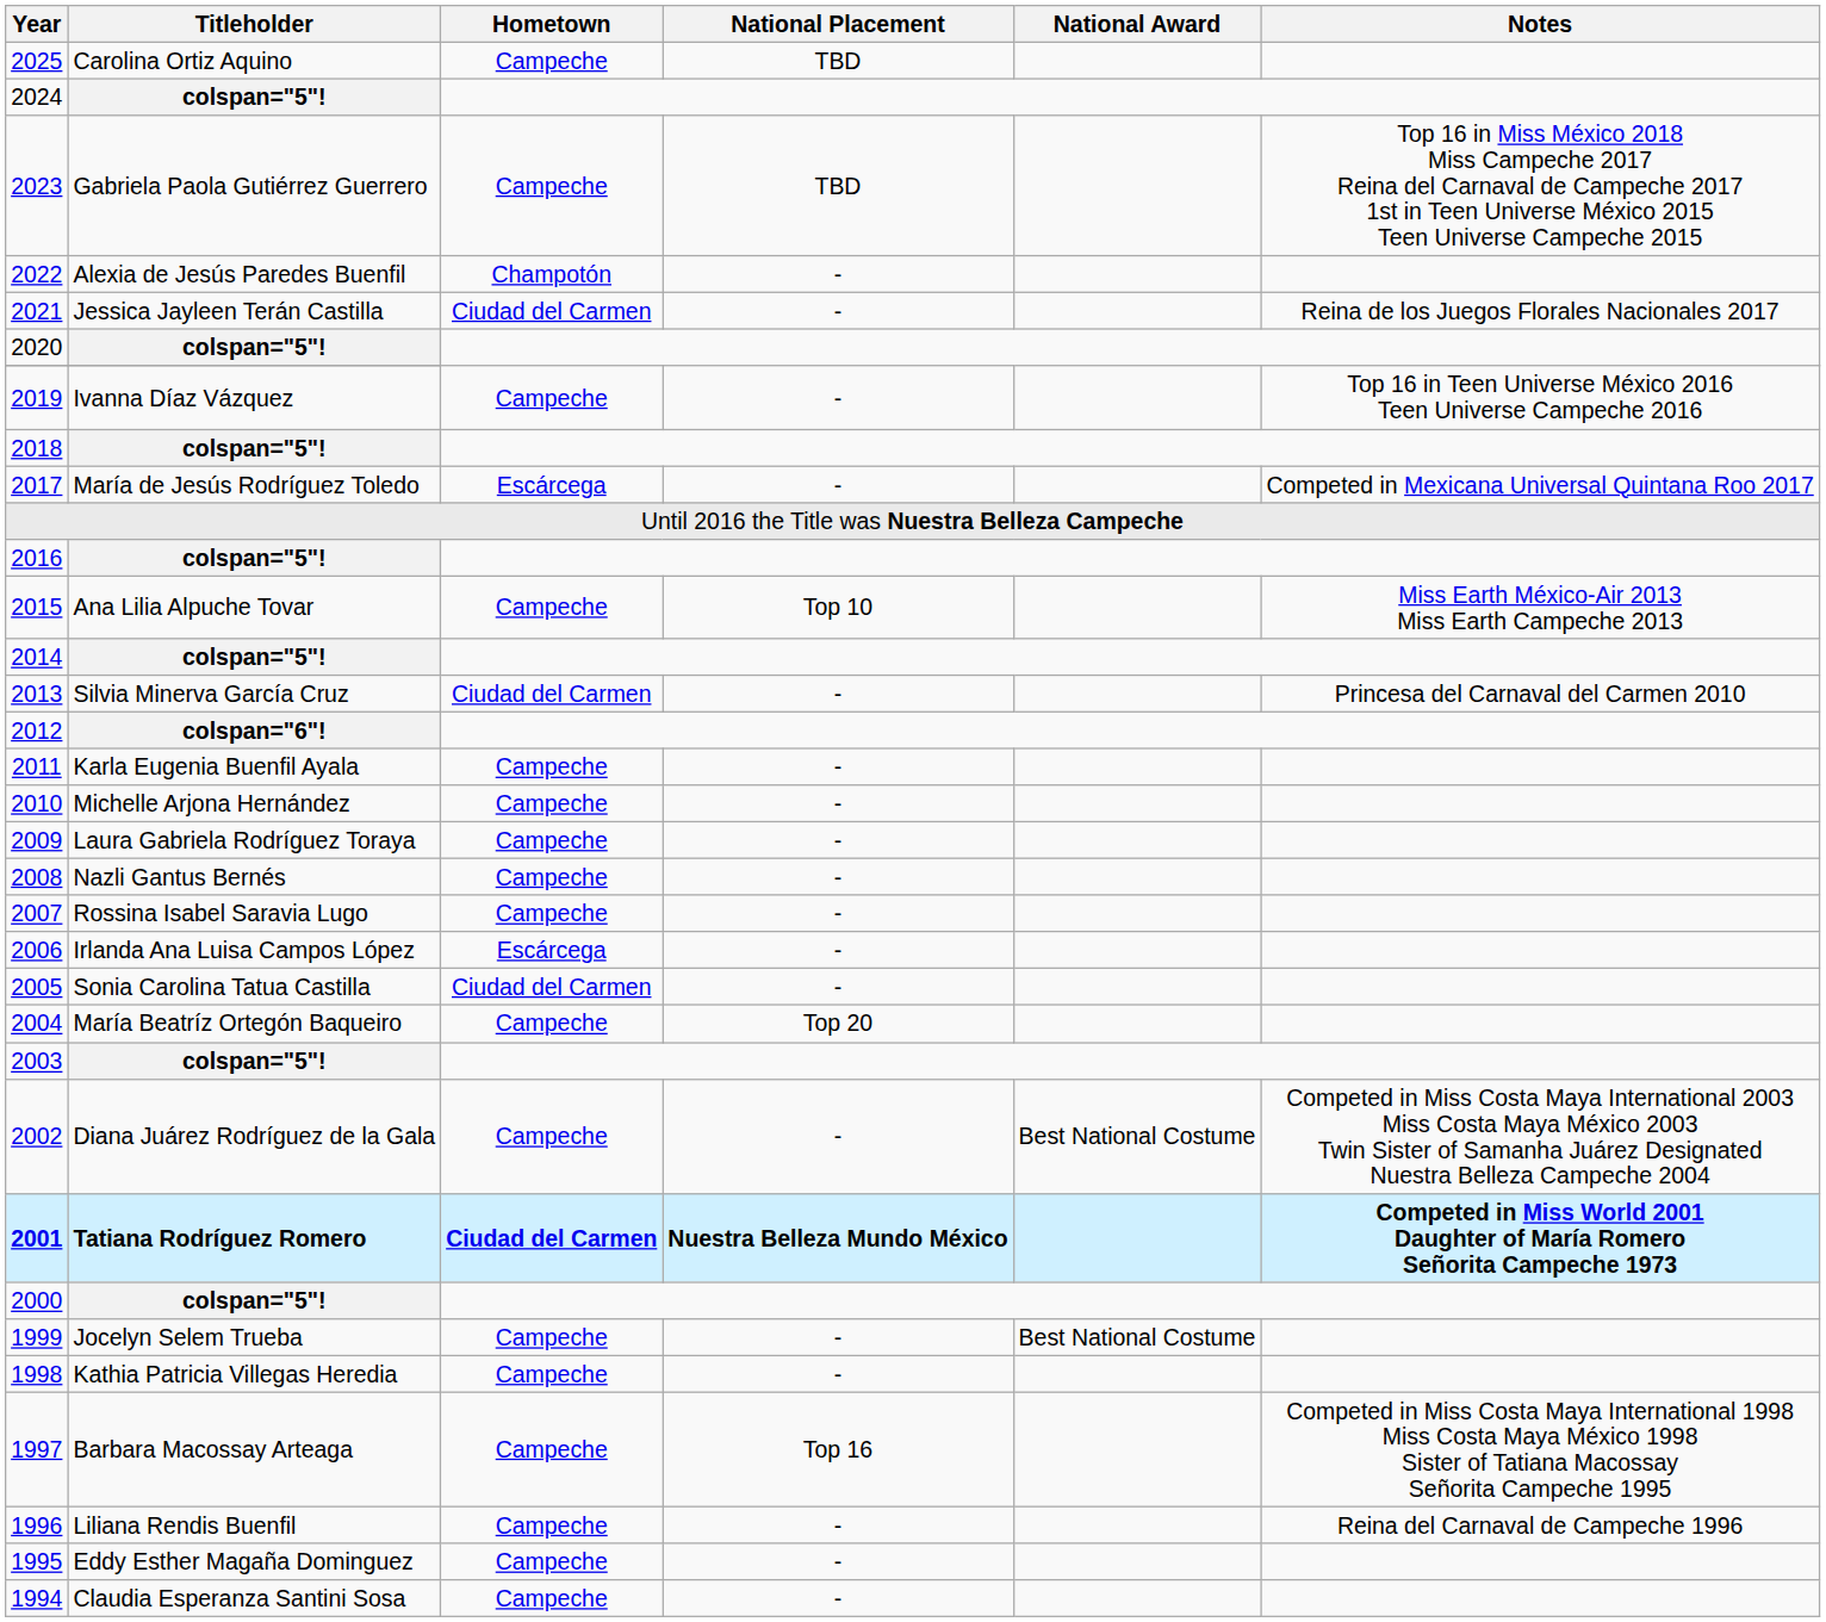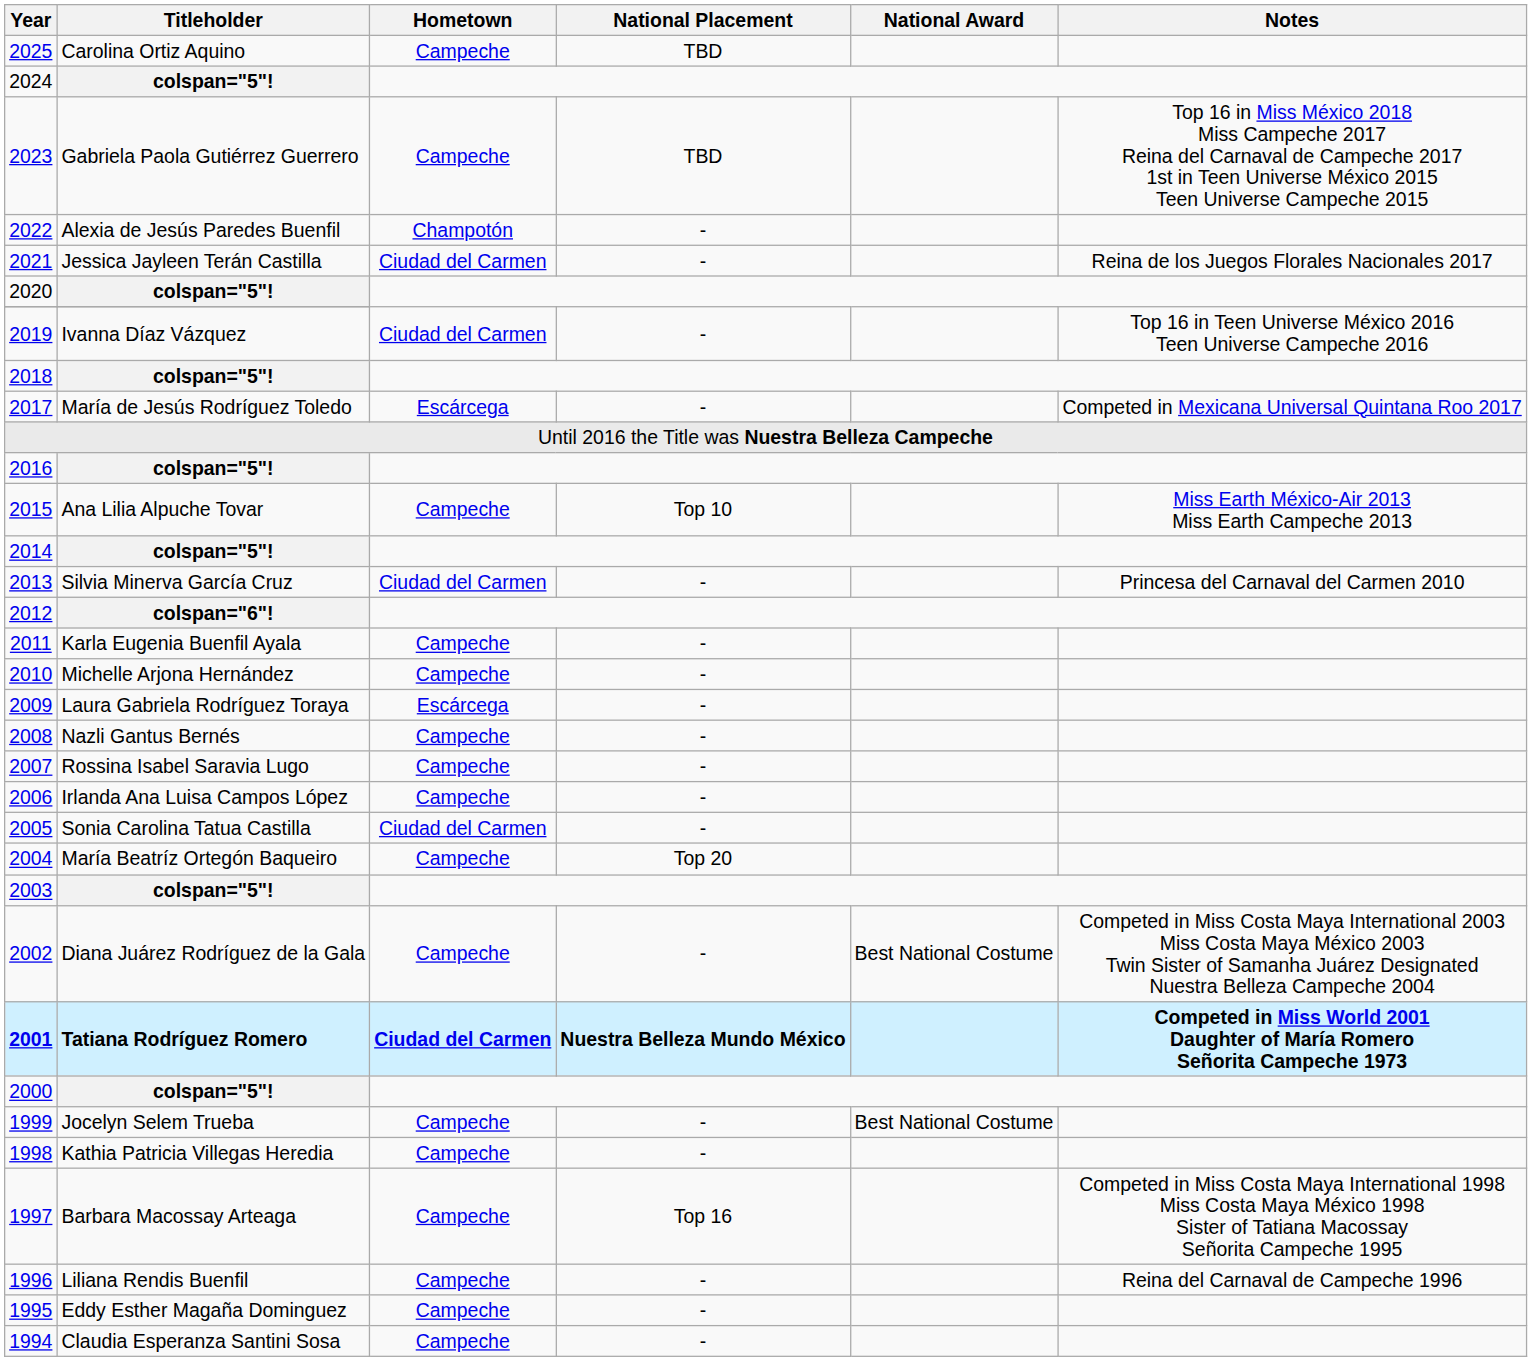 <table class="wikitable sortable" style="font-size:95%;">
 <tr>
 <th>Year</th>
 <th>Titleholder</th>
 <th>Hometown</th>
 <th>National Placement</th>
 <th>National Award</th>
 <th>Notes</th>
 </tr>
 <tr>
 <td align="center"><a href='#'>2025</a></td>
 <td>Carolina Ortiz Aquino</td>
 <td align="center"><a href='#'>Campeche</a></td>
 <td align="center">TBD</td>
 <td align="center"></td>
 <td align="center"></td>
 </tr>
 <tr>
 <td align="center">2024</td>
 <th>colspan="5"!</th>
 </tr>
 <tr>
 <td align="center"><a href='#'>2023</a></td>
 <td>Gabriela Paola Gutiérrez Guerrero</td>
 <td align="center"><a href='#'>Campeche</a></td>
 <td align="center">TBD</td>
 <td align="center"></td>
 <td align="center">Top 16 in <a href='#'>Miss México 2018</a><br>Miss Campeche 2017<br>Reina del Carnaval de Campeche 2017<br>1st in Teen Universe México 2015<br>Teen Universe Campeche 2015</td>
 </tr>
 <tr>
 <td align="center"><a href='#'>2022</a></td>
 <td>Alexia de Jesús Paredes Buenfil</td>
 <td align="center"><a href='#'>Champotón</a></td>
 <td align="center">-</td>
 <td align="center"></td>
 <td align="center"></td>
 </tr>
 <tr>
 <td align="center"><a href='#'>2021</a></td>
 <td>Jessica Jayleen Terán Castilla</td>
 <td align="center"><a href='#'>Ciudad del Carmen</a></td>
 <td align="center">-</td>
 <td align="center"></td>
 <td align="center">Reina de los Juegos Florales Nacionales 2017</td>
 </tr>
 <tr>
 <td align="center">2020</td>
 <th>colspan="5"!</th>
 </tr>
 <tr>
 </tr>
 <tr>
 <td align="center"><a href='#'>2019</a></td>
 <td>Ivanna Díaz Vázquez</td>
-<td align="center"><a href='#'>Campeche</a></td>
+<td align="center"><a href='#'>Ciudad del Carmen</a></td>
 <td align="center">-</td>
 <td align="center"></td>
 <td align="center">Top 16 in Teen Universe México 2016<br>Teen Universe Campeche 2016</td>
 </tr>
 <tr>
 <td align="center"><a href='#'>2018</a></td>
 <th>colspan="5"!</th>
 </tr>
 <tr>
 <td align="center"><a href='#'>2017</a></td>
 <td>María de Jesús Rodríguez Toledo</td>
 <td align="center"><a href='#'>Escárcega</a></td>
 <td align="center">-</td>
 <td align="center"></td>
 <td align="center">Competed in <a href='#'>Mexicana Universal Quintana Roo 2017</a></td>
 </tr>
 <tr>
 <td colspan="7" bgcolor="#EAEAEA" style="text-align:center;">Until 2016 the Title was <strong>Nuestra Belleza Campeche</strong></td>
 </tr>
 <tr>
 <td align="center"><a href='#'>2016</a></td>
 <th>colspan="5"!</th>
 </tr>
 <tr>
 <td align="center"><a href='#'>2015</a></td>
 <td>Ana Lilia Alpuche Tovar</td>
 <td align="center"><a href='#'>Campeche</a></td>
 <td align="center">Top 10</td>
 <td align="center"></td>
 <td align="center"><a href='#'>Miss Earth México-Air 2013</a><br>Miss Earth Campeche 2013</td>
 </tr>
 <tr>
 <td align="center"><a href='#'>2014</a></td>
 <th>colspan="5"!</th>
 </tr>
 <tr>
 <td align="center"><a href='#'>2013</a></td>
 <td>Silvia Minerva García Cruz</td>
 <td align="center"><a href='#'>Ciudad del Carmen</a></td>
 <td align="center">-</td>
 <td align="center"></td>
 <td align="center">Princesa del Carnaval del Carmen 2010</td>
 </tr>
 <tr>
 <td align="center"><a href='#'>2012</a></td>
 <th>colspan="6"!</th>
 </tr>
 <tr>
 <td align="center"><a href='#'>2011</a></td>
 <td>Karla Eugenia Buenfil Ayala</td>
 <td align="center"><a href='#'>Campeche</a></td>
 <td align="center">-</td>
 <td align="center"></td>
 <td align="center"></td>
 </tr>
 <tr>
 <td align="center"><a href='#'>2010</a></td>
 <td>Michelle Arjona Hernández</td>
 <td align="center"><a href='#'>Campeche</a></td>
 <td align="center">-</td>
 <td align="center"></td>
 <td align="center"></td>
 </tr>
 <tr>
 <td align="center"><a href='#'>2009</a></td>
 <td>Laura Gabriela Rodríguez Toraya</td>
-<td align="center"><a href='#'>Campeche</a></td>
+<td align="center"><a href='#'>Escárcega</a></td>
 <td align="center">-</td>
 <td align="center"></td>
 <td align="center"></td>
 </tr>
 <tr>
 <td align="center"><a href='#'>2008</a></td>
 <td>Nazli Gantus Bernés</td>
 <td align="center"><a href='#'>Campeche</a></td>
 <td align="center">-</td>
 <td align="center"></td>
 <td align="center"></td>
 </tr>
 <tr>
 <td align="center"><a href='#'>2007</a></td>
 <td>Rossina Isabel Saravia Lugo</td>
 <td align="center"><a href='#'>Campeche</a></td>
 <td align="center">-</td>
 <td align="center"></td>
 <td align="center"></td>
 </tr>
 <tr>
 <td align="center"><a href='#'>2006</a></td>
 <td>Irlanda Ana Luisa Campos López</td>
-<td align="center"><a href='#'>Escárcega</a></td>
+<td align="center"><a href='#'>Campeche</a></td>
 <td align="center">-</td>
 <td align="center"></td>
 <td align="center"></td>
 </tr>
 <tr>
 <td align="center"><a href='#'>2005</a></td>
 <td>Sonia Carolina Tatua Castilla</td>
 <td align="center"><a href='#'>Ciudad del Carmen</a></td>
 <td align="center">-</td>
 <td align="center"></td>
 <td align="center"></td>
 </tr>
 <tr>
 <td align="center"><a href='#'>2004</a></td>
 <td>María Beatríz Ortegón Baqueiro</td>
 <td align="center"><a href='#'>Campeche</a></td>
 <td align="center">Top 20</td>
 <td align="center"></td>
 <td align="center"></td>
 </tr>
 <tr>
 <td align="center"><a href='#'>2003</a></td>
 <th>colspan="5"!</th>
 </tr>
 <tr>
 <td align="center"><a href='#'>2002</a></td>
 <td>Diana Juárez Rodríguez de la Gala</td>
 <td align="center"><a href='#'>Campeche</a></td>
 <td align="center">-</td>
 <td align="center">Best National Costume</td>
 <td align="center">Competed in Miss Costa Maya International 2003<br>Miss Costa Maya México 2003<br>Twin Sister of Samanha Juárez Designated<br>Nuestra Belleza Campeche 2004</td>
 </tr>
 <tr bgcolor="#CFF0FF">
 <td align="center"><strong><a href='#'>2001</a></strong></td>
 <td><strong>Tatiana Rodríguez Romero</strong></td>
 <td align="center"><strong><a href='#'>Ciudad del Carmen</a></strong></td>
 <td align="center"><strong>Nuestra Belleza Mundo México</strong></td>
 <td align="center"></td>
 <td align="center"><strong>Competed in <a href='#'>Miss World 2001</a><br>Daughter of María Romero<br>Señorita Campeche 1973</strong></td>
 </tr>
 <tr>
 <td align="center"><a href='#'>2000</a></td>
 <th>colspan="5"!</th>
 </tr>
 <tr>
 <td align="center"><a href='#'>1999</a></td>
 <td>Jocelyn Selem Trueba</td>
 <td align="center"><a href='#'>Campeche</a></td>
 <td align="center">-</td>
 <td align="center">Best National Costume</td>
 <td align="center"></td>
 </tr>
 <tr>
 <td align="center"><a href='#'>1998</a></td>
 <td>Kathia Patricia Villegas Heredia</td>
 <td align="center"><a href='#'>Campeche</a></td>
 <td align="center">-</td>
 <td align="center"></td>
 <td align="center"></td>
 </tr>
 <tr>
 <td align="center"><a href='#'>1997</a></td>
 <td>Barbara Macossay Arteaga</td>
 <td align="center"><a href='#'>Campeche</a></td>
 <td align="center">Top 16</td>
 <td align="center"></td>
 <td align="center">Competed in Miss Costa Maya International 1998<br>Miss Costa Maya México 1998<br>Sister of Tatiana Macossay<br>Señorita Campeche 1995</td>
 </tr>
 <tr>
 <td align="center"><a href='#'>1996</a></td>
 <td>Liliana Rendis Buenfil</td>
 <td align="center"><a href='#'>Campeche</a></td>
 <td align="center">-</td>
 <td align="center"></td>
 <td align="center">Reina del Carnaval de Campeche 1996</td>
 </tr>
 <tr>
 <td align="center"><a href='#'>1995</a></td>
 <td>Eddy Esther Magaña Dominguez</td>
 <td align="center"><a href='#'>Campeche</a></td>
 <td align="center">-</td>
 <td align="center"></td>
 <td align="center"></td>
 </tr>
 <tr>
 <td align="center"><a href='#'>1994</a></td>
 <td>Claudia Esperanza Santini Sosa</td>
 <td align="center"><a href='#'>Campeche</a></td>
 <td align="center">-</td>
 <td align="center"></td>
 <td align="center"></td>
 </tr>
 </table>
